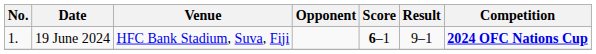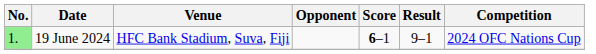 <table class="wikitable">
 <tr>
 <th>No.</th>
 <th>Date</th>
 <th>Venue</th>
 <th>Opponent</th>
 <th>Score</th>
 <th>Result</th>
 <th>Competition</th>
 </tr>
 <tr>
-<td>1.</td>
+<td style="background: lightgreen;">1.</td>
 <td>19 June 2024</td>
 <td><a href='#'>HFC Bank Stadium</a>, <a href='#'>Suva</a>, <a href='#'>Fiji</a></td>
 <td></td>
 <td align=center><strong>6</strong>–1</td>
 <td align=center>9–1</td>
-<td><strong><a href='#'>2024 OFC Nations Cup</a></strong></td>
+<td><a href='#'>2024 OFC Nations Cup</a></td>
 </tr>
 <tr>
 </tr>
 </table>
